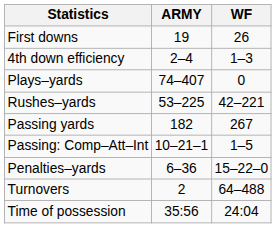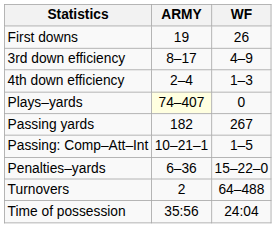 <table class="wikitable">
 <tr>
 <th>Statistics</th>
 <th>ARMY</th>
 <th>WF</th>
 </tr>
 <tr>
 <td>First downs</td>
 <td align=center>19</td>
 <td align=center>26</td>
 </tr>
 <tr>
+<td>3rd down efficiency</td>
+<td align=center>8–17</td>
+<td align=center>4–9</td>
+</tr>
+<tr>
 <td>4th down efficiency</td>
 <td align=center>2–4</td>
 <td align=center>1–3</td>
 </tr>
 <tr>
 <td>Plays–yards</td>
-<td align=center>74–407</td>
+<td align=center style="background: lightyellow;">74–407</td>
 <td align=center>0</td>
-</tr>
-<tr>
-<td>Rushes–yards</td>
-<td align=center>53–225</td>
-<td align=center>42–221</td>
 </tr>
 <tr>
 <td>Passing yards</td>
 <td align=center>182</td>
 <td align=center>267</td>
 </tr>
 <tr>
 <td>Passing: Comp–Att–Int</td>
 <td align=center>10–21–1</td>
 <td align=center>1–5</td>
 </tr>
 <tr>
 <td>Penalties–yards</td>
 <td align=center>6–36</td>
 <td align=center>15–22–0</td>
 </tr>
 <tr>
 <td>Turnovers</td>
 <td align=center>2</td>
 <td align=center>64–488</td>
 </tr>
 <tr>
 <td>Time of possession</td>
 <td align=center>35:56</td>
 <td align=center>24:04</td>
 </tr>
 </table>
